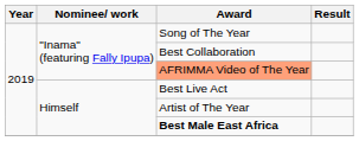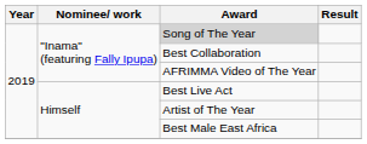 <table class="wikitable">
 <tr>
 <th>Year</th>
 <th>Nominee/ work</th>
 <th>Award</th>
 <th>Result</th>
 </tr>
 <tr>
 <td rowspan="6">2019</td>
 <td rowspan="3">"Inama"<br>(featuring <a href='#'>Fally Ipupa</a>)</td>
-<td>Song of The Year</td>
+<td style="background: lightgrey;">Song of The Year</td>
 <td></td>
 </tr>
 <tr>
 <td>Best Collaboration</td>
 <td></td>
 </tr>
 <tr>
-<td style="background: lightsalmon;">AFRIMMA Video of The Year</td>
+<td>AFRIMMA Video of The Year</td>
 <td></td>
 </tr>
 <tr>
 <td rowspan="3">Himself</td>
 <td>Best Live Act</td>
 <td></td>
 </tr>
 <tr>
 <td>Artist of The Year</td>
 <td></td>
 </tr>
 <tr>
-<td><strong>Best Male East Africa</strong></td>
+<td>Best Male East Africa</td>
 <td></td>
 </tr>
 <tr>
 </tr>
 </table>
